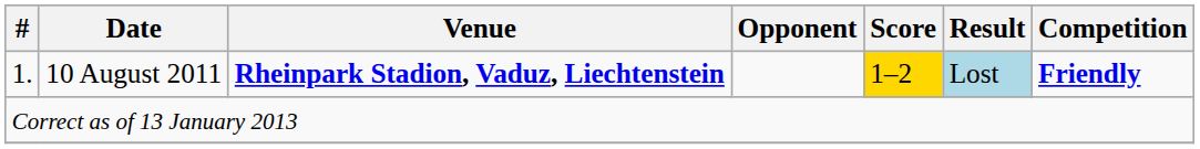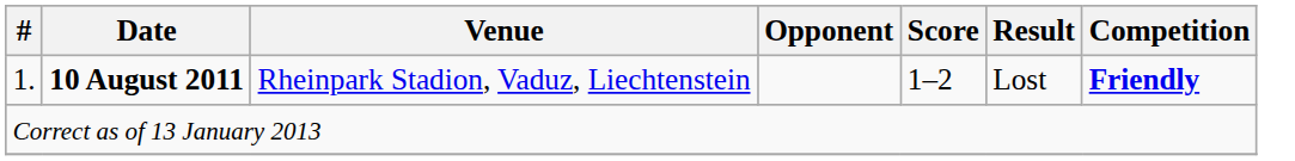 <table class="wikitable" style="font-size:95%;">
 <tr>
 <th>#</th>
 <th>Date</th>
 <th>Venue</th>
 <th>Opponent</th>
 <th>Score</th>
 <th>Result</th>
 <th>Competition</th>
 </tr>
 <tr>
 <td>1.</td>
-<td>10 August 2011</td>
-<td><strong><a href='#'>Rheinpark Stadion</a>, <a href='#'>Vaduz</a>, <a href='#'>Liechtenstein</a></strong></td>
+<td><strong>10 August 2011</strong></td>
+<td><a href='#'>Rheinpark Stadion</a>, <a href='#'>Vaduz</a>, <a href='#'>Liechtenstein</a></td>
 <td></td>
-<td style="background: gold;">1–2</td>
-<td style="background: lightblue;">Lost</td>
+<td>1–2</td>
+<td>Lost</td>
 <td><strong><a href='#'>Friendly</a></strong></td>
 </tr>
 <tr>
 <td colspan="12"><small><em>Correct as of 13 January 2013</em></small></td>
 </tr>
 <tr>
 </tr>
 </table>
